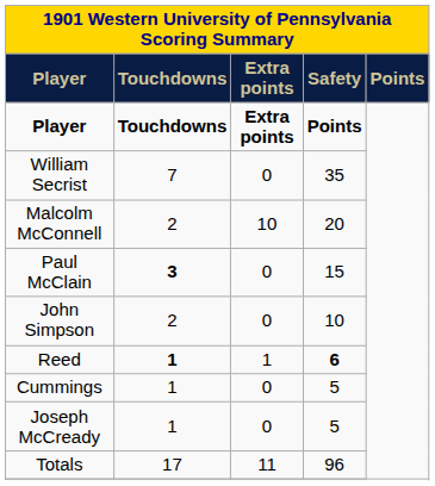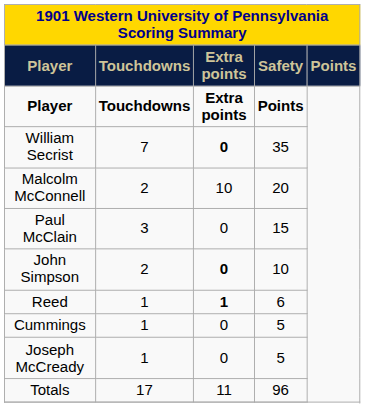 <table class="wikitable" width="30%">
 <tr>
 <th colspan="10" style="background:gold; color:darkblue; text-align: center;"><strong>1901 Western University of Pennsylvania Scoring Summary</strong></th>
 </tr>
 <tr align="center"  style="background:#091C44;color:#CEC499;">
 <td><strong>Player</strong></td>
 <td><strong>Touchdowns</strong></td>
 <td><strong>Extra points</strong></td>
 <td><strong>Safety</strong></td>
 <td><strong>Points</strong></td>
 </tr>
 <tr align="center" bgcolor="">
 <td><strong>Player</strong></td>
 <td><strong>Touchdowns</strong></td>
 <td><strong>Extra points</strong></td>
 <td><strong>Points</strong></td>
 </tr>
 <tr align="center" bgcolor="">
 <td>William Secrist</td>
 <td>7</td>
-<td>0</td>
+<td><strong>0</strong></td>
 <td>35</td>
 </tr>
 <tr align="center" bgcolor="">
 <td>Malcolm McConnell</td>
 <td>2</td>
 <td>10</td>
 <td>20</td>
 </tr>
 <tr align="center" bgcolor="">
 <td>Paul McClain</td>
-<td><strong>3</strong></td>
+<td>3</td>
 <td>0</td>
 <td>15</td>
 </tr>
 <tr align="center" bgcolor="">
 <td>John Simpson</td>
 <td>2</td>
-<td>0</td>
+<td><strong>0</strong></td>
 <td>10</td>
 </tr>
 <tr align="center" bgcolor="">
 <td>Reed</td>
+<td>1</td>
 <td><strong>1</strong></td>
-<td>1</td>
-<td><strong>6</strong></td>
+<td>6</td>
 </tr>
 <tr align="center" bgcolor="">
 <td>Cummings</td>
 <td>1</td>
 <td>0</td>
 <td>5</td>
 </tr>
 <tr align="center" bgcolor="">
 <td>Joseph McCready</td>
 <td>1</td>
 <td>0</td>
 <td>5</td>
 </tr>
 <tr align="center" bgcolor="">
 <td>Totals</td>
 <td>17</td>
 <td>11</td>
 <td>96</td>
 </tr>
 <tr align="center" bgcolor="">
 </tr>
 </table>
